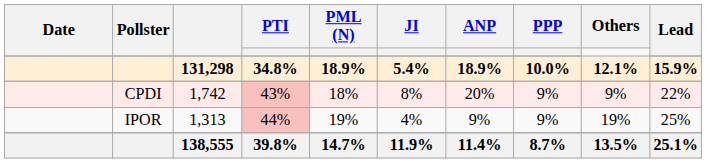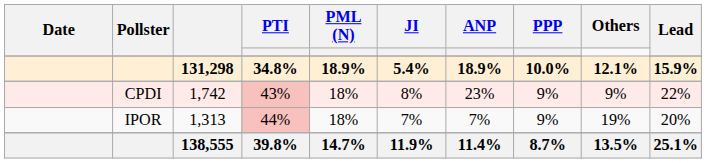 <table class="wikitable sortable" style="text-align:center">
 <tr>
 <th style="width:100px;" rowspan="2">Date</th>
 <th rowspan="2">Pollster</th>
 <th style="width:60px;" rowspan="2"></th>
 <th style="width:60px;" class="unsortable"><a href='#'>PTI</a></th>
 <th style="width:60px;" class="unsortable"><a href='#'>PML (N)</a></th>
 <th style="width:60px;" class="unsortable"><a href='#'>JI</a></th>
 <th style="width:60px;" class="unsortable"><a href='#'>ANP</a></th>
 <th style="width:60px;" class="unsortable"><a href='#'>PPP</a></th>
 <th style="width:60px;" class="unsortable">Others</th>
 <th class="unsortable" style="width:20px;" rowspan="2">Lead</th>
 </tr>
 <tr>
 <th class="unsortable" style="color:inherit;background:"></th>
 <th class="unsortable" style="color:inherit;background:"></th>
 <th class="unsortable" style="color:inherit;background:"></th>
 <th class="unsortable" style="color:inherit;background:"></th>
 <th class="unsortable" style="color:inherit;background:"></th>
 </tr>
 <tr>
 </tr>
 <tr class=sortbottom style="background:#FFEFD5; font-weight:bold">
 <td></td>
 <td></td>
 <td>131,298</td>
 <td style="background:"><strong>34.8%</strong></td>
 <td>18.9%</td>
 <td>5.4%</td>
 <td>18.9%</td>
 <td>10.0%</td>
 <td>12.1%</td>
 <td style="background:"><strong>15.9%</strong></td>
 </tr>
 <tr>
 </tr>
 <tr style="background:#FFEAEA;">
 <td></td>
 <td>CPDI</td>
 <td>1,742</td>
 <td style="background:rgb(248, 193, 190)">43%</td>
 <td>18%</td>
 <td>8%</td>
-<td>20%</td>
+<td>23%</td>
 <td>9%</td>
 <td>9%</td>
 <td style="background:">22%</td>
 </tr>
 <tr>
 <td></td>
 <td>IPOR</td>
 <td>1,313</td>
 <td style="background:rgb(248, 193, 190)">44%</td>
-<td>19%</td>
-<td>4%</td>
-<td>9%</td>
+<td>18%</td>
+<td>7%</td>
+<td>7%</td>
 <td>9%</td>
 <td>19%</td>
-<td style="background:">25%</td>
+<td style="background:">20%</td>
 </tr>
 <tr>
 </tr>
 <tr class=sortbottom style="background:#f2f2f2; font-weight:bold">
 <th></th>
 <th></th>
 <th>138,555</th>
 <th style="background:"><strong>39.8%</strong></th>
 <th>14.7%</th>
 <th>11.9%</th>
 <th>11.4%</th>
 <th>8.7%</th>
 <th>13.5%</th>
 <th style="background:"><strong>25.1%</strong></th>
 </tr>
 </table>
